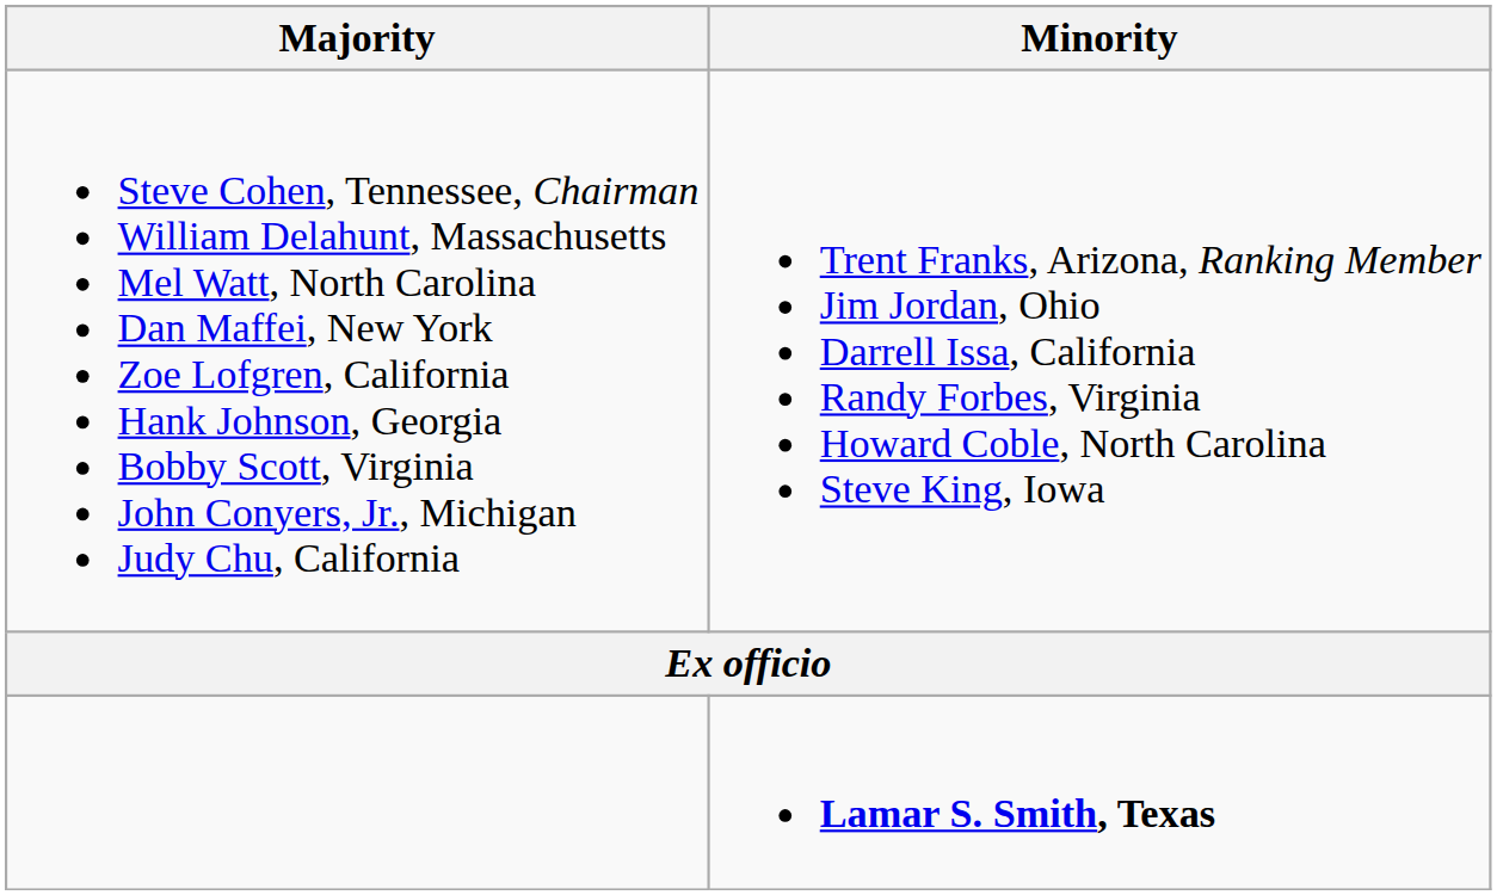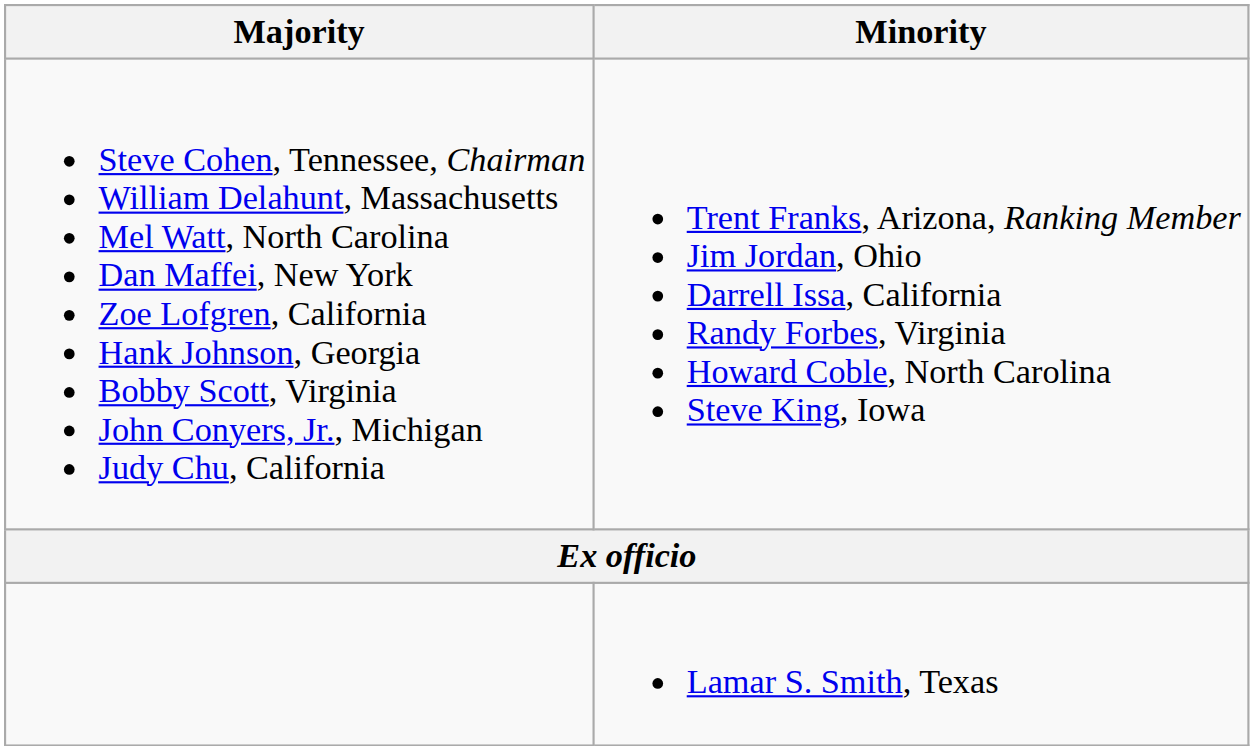 <table class=wikitable>
 <tr>
 <th>Majority</th>
 <th>Minority</th>
 </tr>
 <tr>
 <td><br><ul><li><a href='#'>Steve Cohen</a>, Tennessee, <em>Chairman</em></li><li><a href='#'>William Delahunt</a>, Massachusetts</li><li><a href='#'>Mel Watt</a>, North Carolina</li><li><a href='#'>Dan Maffei</a>, New York</li><li><a href='#'>Zoe Lofgren</a>, California</li><li><a href='#'>Hank Johnson</a>, Georgia</li><li><a href='#'>Bobby Scott</a>, Virginia</li><li><a href='#'>John Conyers, Jr.</a>, Michigan</li><li><a href='#'>Judy Chu</a>, California</li></ul></td>
 <td><br><ul><li><a href='#'>Trent Franks</a>, Arizona, <em>Ranking Member</em></li><li><a href='#'>Jim Jordan</a>, Ohio</li><li><a href='#'>Darrell Issa</a>, California</li><li><a href='#'>Randy Forbes</a>, Virginia</li><li><a href='#'>Howard Coble</a>, North Carolina</li><li><a href='#'>Steve King</a>, Iowa</li></ul></td>
 </tr>
 <tr>
 <th colspan=2><em>Ex officio</em></th>
 </tr>
 <tr>
 <td></td>
-<td><strong><br><ul><li><a href='#'>Lamar S. Smith</a>, Texas</li></ul></strong></td>
+<td><br><ul><li><a href='#'>Lamar S. Smith</a>, Texas</li></ul></td>
 </tr>
 </table>
